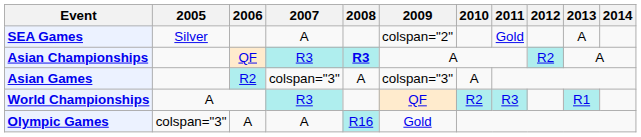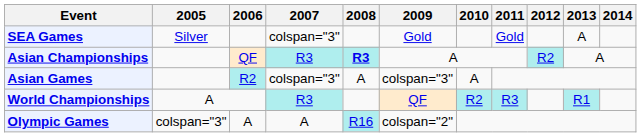 <table class="wikitable" style="font-size: 90%; text-align:center">
 <tr>
 <th>Event</th>
 <th>2005</th>
 <th>2006</th>
 <th>2007</th>
 <th>2008</th>
 <th>2009</th>
 <th>2010</th>
 <th>2011</th>
 <th>2012</th>
 <th>2013</th>
 <th>2014</th>
 </tr>
 <tr>
 <td bgcolor="#ECF2FF"; align="left"><strong><a href='#'>SEA Games</a></strong></td>
 <td> <a href='#'>Silver</a></td>
 <td></td>
-<td>A</td>
+<td>colspan="3" </td>
 <td></td>
-<td>colspan="2" </td>
+<td> <a href='#'>Gold</a></td>
 <td></td>
 <td> <a href='#'>Gold</a></td>
 <td></td>
 <td>A</td>
 <td></td>
 </tr>
 <tr>
 <td bgcolor="#ECF2FF"; align="left"><strong><a href='#'>Asian Championships</a></strong></td>
 <td></td>
 <td bgcolor=FFEBCD><a href='#'>QF</a></td>
 <td bgcolor=AFEEEE><a href='#'>R3</a></td>
 <td bgcolor=AFEEEE><strong><a href='#'>R3</a></strong></td>
 <td colspan="3">A</td>
 <td bgcolor=AFEEEE><a href='#'>R2</a></td>
 <td colspan="2">A</td>
 </tr>
 <tr>
 <td bgcolor="#ECF2FF"; align="left"><strong><a href='#'>Asian Games</a></strong></td>
 <td></td>
 <td bgcolor=AFEEEE><a href='#'>R2</a></td>
 <td>colspan="3" </td>
 <td>A</td>
 <td>colspan="3" </td>
 <td>A</td>
 </tr>
 <tr>
 <td bgcolor="#ECF2FF"; align="left"><strong><a href='#'>World Championships</a></strong></td>
 <td colspan="2">A</td>
 <td bgcolor=AFEEEE><a href='#'>R3</a></td>
 <td></td>
 <td bgcolor=FFEBCD><a href='#'>QF</a></td>
 <td bgcolor=AFEEEE><a href='#'>R2</a></td>
 <td bgcolor=AFEEEE><a href='#'>R3</a></td>
 <td></td>
 <td bgcolor=AFEEEE><a href='#'>R1</a></td>
 <td></td>
 </tr>
 <tr>
 <td bgcolor="#ECF2FF"; align="left"><strong><a href='#'>Olympic Games</a></strong></td>
 <td>colspan="3" </td>
 <td>A</td>
 <td>A</td>
 <td bgcolor=AFEEEE><a href='#'>R16</a></td>
-<td> <a href='#'>Gold</a></td>
+<td>colspan="2" </td>
 </tr>
 </table>
